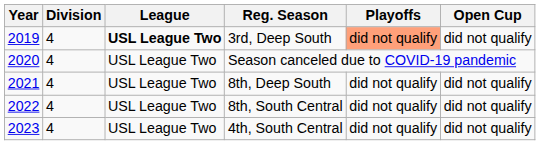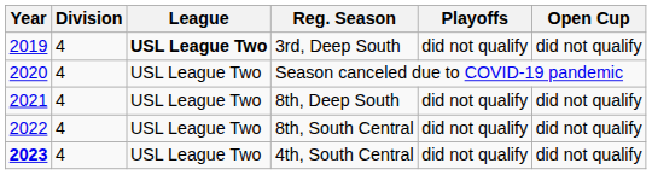 <table class="wikitable">
 <tr>
 <th>Year</th>
 <th>Division</th>
 <th>League</th>
 <th>Reg. Season</th>
 <th>Playoffs</th>
 <th>Open Cup</th>
 </tr>
 <tr>
 <td><a href='#'>2019</a></td>
 <td>4</td>
 <td><strong>USL League Two</strong></td>
 <td>3rd, Deep South</td>
-<td style="background: lightsalmon;">did not qualify</td>
+<td>did not qualify</td>
 <td>did not qualify</td>
 </tr>
 <tr>
 <td><a href='#'>2020</a></td>
 <td>4</td>
 <td>USL League Two</td>
 <td colspan=3>Season canceled due to <a href='#'>COVID-19 pandemic</a></td>
 </tr>
 <tr>
 <td><a href='#'>2021</a></td>
 <td>4</td>
 <td>USL League Two</td>
 <td>8th, Deep South</td>
 <td>did not qualify</td>
 <td>did not qualify</td>
 </tr>
 <tr>
 <td><a href='#'>2022</a></td>
 <td>4</td>
 <td>USL League Two</td>
 <td>8th, South Central</td>
 <td>did not qualify</td>
 <td>did not qualify</td>
 </tr>
 <tr>
-<td><a href='#'>2023</a></td>
+<td><strong><a href='#'>2023</a></strong></td>
 <td>4</td>
 <td>USL League Two</td>
 <td>4th, South Central</td>
 <td>did not qualify</td>
 <td>did not qualify</td>
 </tr>
 </table>
